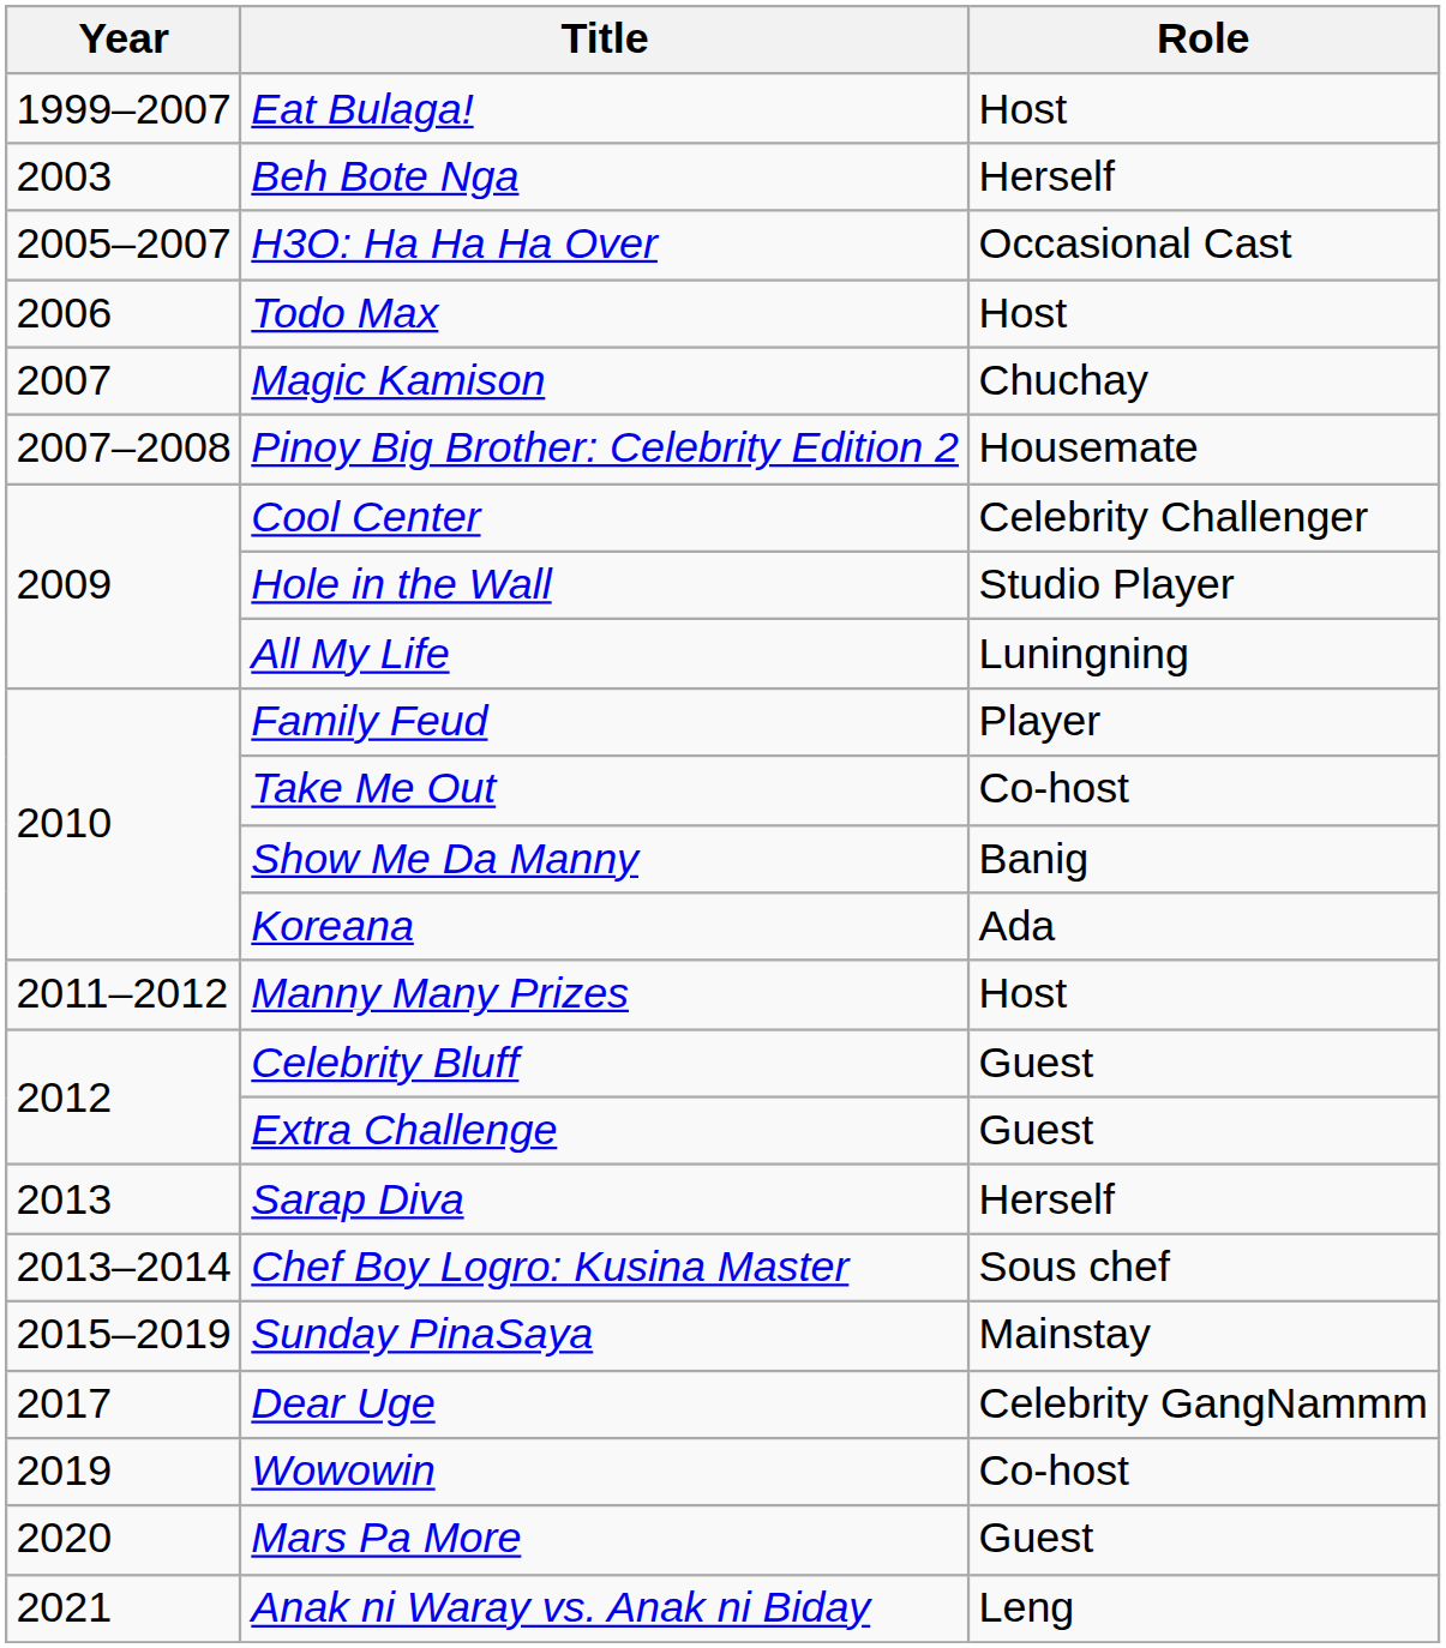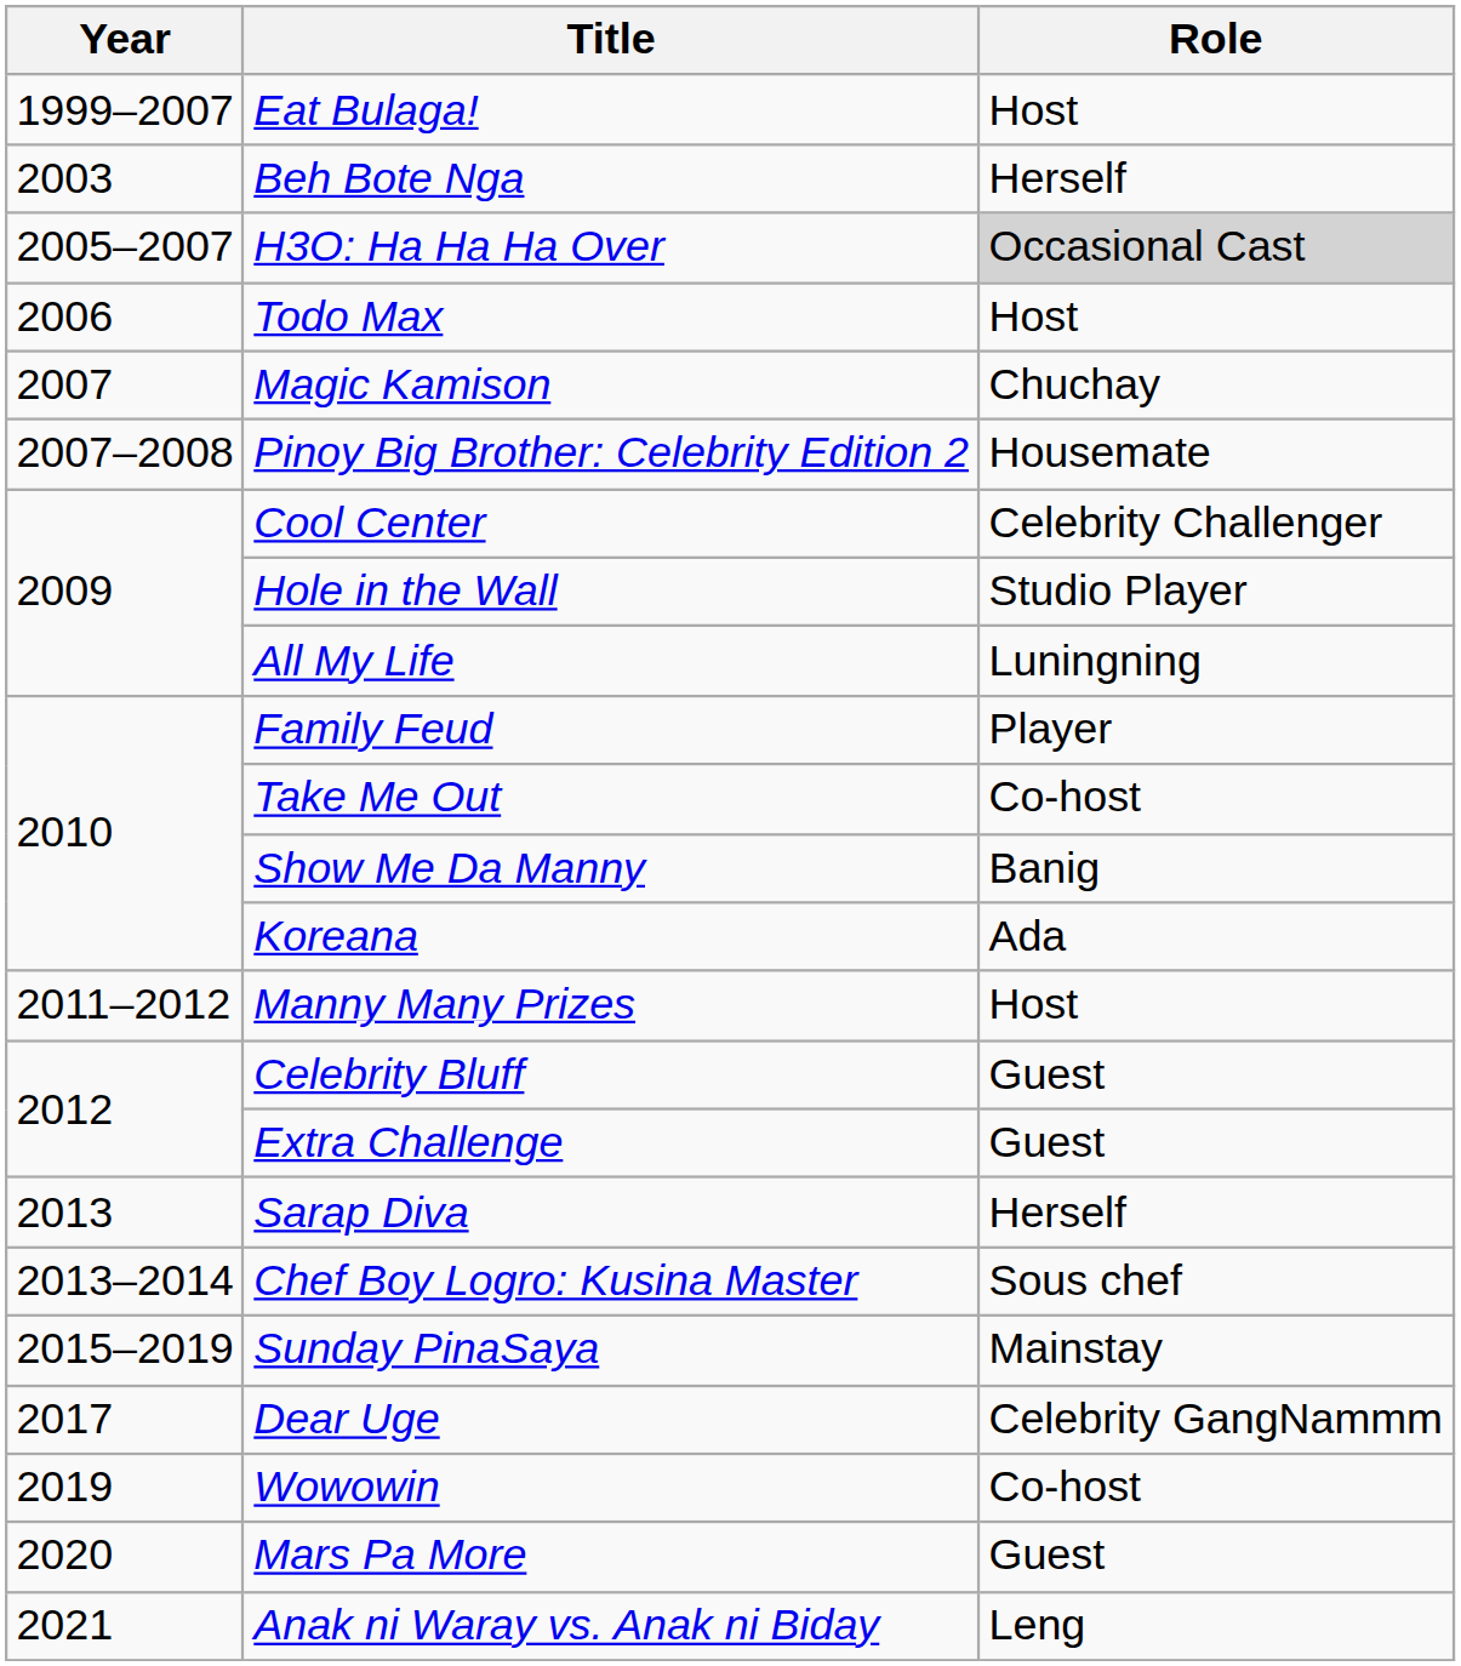 <table class="wikitable sortable">
 <tr>
 <th>Year</th>
 <th>Title</th>
 <th>Role</th>
 </tr>
 <tr>
 <td>1999–2007</td>
 <td><em><a href='#'>Eat Bulaga!</a></em></td>
 <td>Host</td>
 </tr>
 <tr>
 <td>2003</td>
 <td><em><a href='#'>Beh Bote Nga</a></em></td>
 <td>Herself</td>
 </tr>
 <tr>
 <td>2005–2007</td>
 <td><em><a href='#'>H3O: Ha Ha Ha Over</a></em></td>
-<td>Occasional Cast</td>
+<td style="background: lightgrey;">Occasional Cast</td>
 </tr>
 <tr>
 <td>2006</td>
 <td><em><a href='#'>Todo Max</a></em></td>
 <td>Host</td>
 </tr>
 <tr>
 <td>2007</td>
 <td><em><a href='#'>Magic Kamison</a></em></td>
 <td>Chuchay</td>
 </tr>
 <tr>
 <td>2007–2008</td>
 <td><em><a href='#'>Pinoy Big Brother: Celebrity Edition 2</a></em></td>
 <td>Housemate</td>
 </tr>
 <tr>
 <td rowspan="3">2009</td>
 <td><em><a href='#'>Cool Center</a></em></td>
 <td>Celebrity Challenger</td>
 </tr>
 <tr>
 <td><em><a href='#'>Hole in the Wall</a></em></td>
 <td>Studio Player</td>
 </tr>
 <tr>
 <td><em><a href='#'>All My Life</a></em></td>
 <td>Luningning</td>
 </tr>
 <tr>
 <td rowspan="4">2010</td>
 <td><em><a href='#'>Family Feud</a></em></td>
 <td>Player</td>
 </tr>
 <tr>
 <td><em><a href='#'>Take Me Out</a></em></td>
 <td>Co-host</td>
 </tr>
 <tr>
 <td><em><a href='#'>Show Me Da Manny</a></em></td>
 <td>Banig</td>
 </tr>
 <tr>
 <td><em><a href='#'>Koreana</a></em></td>
 <td>Ada</td>
 </tr>
 <tr>
 <td>2011–2012</td>
 <td><em><a href='#'>Manny Many Prizes</a></em></td>
 <td>Host</td>
 </tr>
 <tr>
 <td rowspan="2">2012</td>
 <td><em><a href='#'>Celebrity Bluff</a></em></td>
 <td>Guest</td>
 </tr>
 <tr>
 <td><em><a href='#'>Extra Challenge</a></em></td>
 <td>Guest</td>
 </tr>
 <tr>
 <td>2013</td>
 <td><em><a href='#'>Sarap Diva</a></em></td>
 <td>Herself</td>
 </tr>
 <tr>
 <td>2013–2014</td>
 <td><em><a href='#'>Chef Boy Logro: Kusina Master</a></em></td>
 <td>Sous chef</td>
 </tr>
 <tr>
 <td>2015–2019</td>
 <td><em><a href='#'>Sunday PinaSaya</a></em></td>
 <td>Mainstay</td>
 </tr>
 <tr>
 <td>2017</td>
 <td><em><a href='#'>Dear Uge</a></em></td>
 <td>Celebrity GangNammm</td>
 </tr>
 <tr>
 <td>2019</td>
 <td><em><a href='#'>Wowowin</a></em></td>
 <td>Co-host</td>
 </tr>
 <tr>
 <td>2020</td>
 <td><em><a href='#'>Mars Pa More</a></em></td>
 <td>Guest</td>
 </tr>
 <tr>
 <td>2021</td>
 <td><em><a href='#'>Anak ni Waray vs. Anak ni Biday</a></em></td>
 <td>Leng</td>
 </tr>
 </table>
